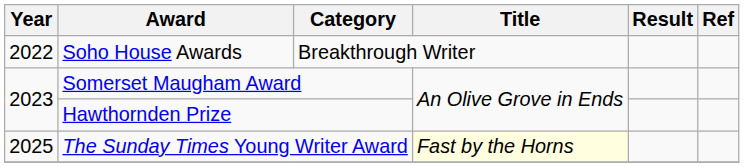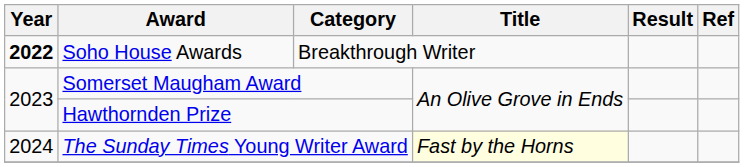 <table class="wikitable sortable">
 <tr>
 <th>Year</th>
 <th>Award</th>
 <th>Category</th>
 <th>Title</th>
 <th>Result</th>
 <th>Ref</th>
 </tr>
 <tr>
-<td>2022</td>
+<td><strong>2022</strong></td>
 <td><a href='#'>Soho House</a> Awards</td>
 <td colspan="2">Breakthrough Writer</td>
 <td></td>
 <td></td>
 </tr>
 <tr>
 <td rowspan="2">2023</td>
 <td colspan="2"><a href='#'>Somerset Maugham Award</a></td>
 <td rowspan="2"><em>An Olive Grove in Ends</em></td>
 <td></td>
 <td></td>
 </tr>
 <tr>
 <td colspan="2"><a href='#'>Hawthornden Prize</a></td>
 <td></td>
 <td></td>
 </tr>
 <tr>
-<td>2025</td>
+<td>2024</td>
 <td colspan="2"><a href='#'><em>The Sunday Times</em> Young Writer Award</a></td>
 <td style="background: lightyellow;"><em>Fast by the Horns</em></td>
 <td></td>
 <td></td>
 </tr>
 <tr>
 </tr>
 </table>
